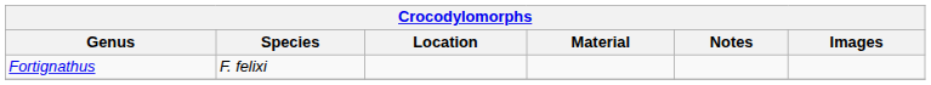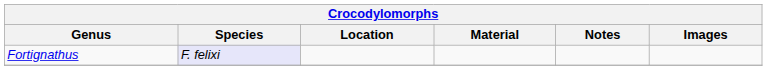 <table class="wikitable" align="center" width="75%">
 <tr>
 <th colspan="6" align="center"><a href='#'>Crocodylomorphs</a></th>
 </tr>
 <tr>
 <th>Genus</th>
 <th>Species</th>
 <th>Location</th>
 <th>Material</th>
 <th>Notes</th>
 <th>Images</th>
 </tr>
 <tr>
 <td><em><a href='#'>Fortignathus</a></em></td>
-<td><em>F. felixi</em></td>
+<td style="background: lavender;"><em>F. felixi</em></td>
 <td></td>
 <td></td>
 <td></td>
 <td></td>
 </tr>
 <tr>
 </tr>
 </table>
